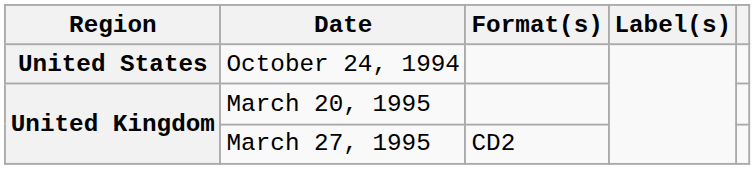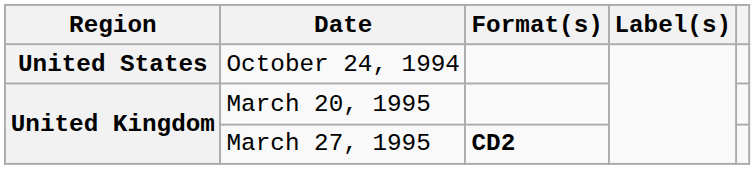 <table class="wikitable plainrowheaders">
 <tr>
 <th scope="col">Region</th>
 <th scope="col">Date</th>
 <th scope="col">Format(s)</th>
 <th scope="col">Label(s)</th>
 <th scope="col"></th>
 </tr>
 <tr>
 <th scope="row">United States</th>
 <td>October 24, 1994</td>
 <td></td>
 <td rowspan="3"></td>
 <td></td>
 </tr>
 <tr>
 <th scope="row" rowspan="2">United Kingdom</th>
 <td>March 20, 1995</td>
 <td></td>
 <td></td>
 </tr>
 <tr>
 <td>March 27, 1995</td>
-<td>CD2</td>
+<td><strong>CD2</strong></td>
 <td></td>
 </tr>
 </table>
